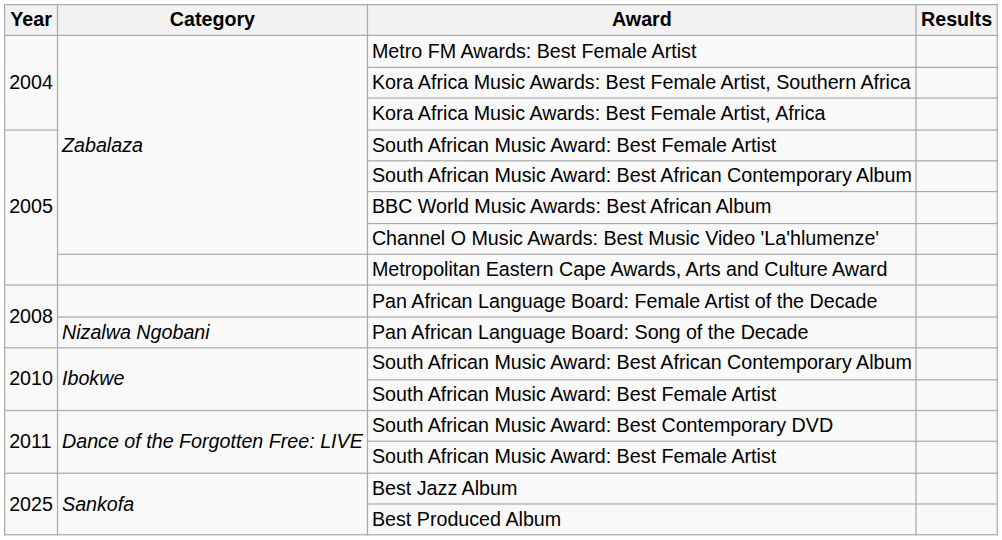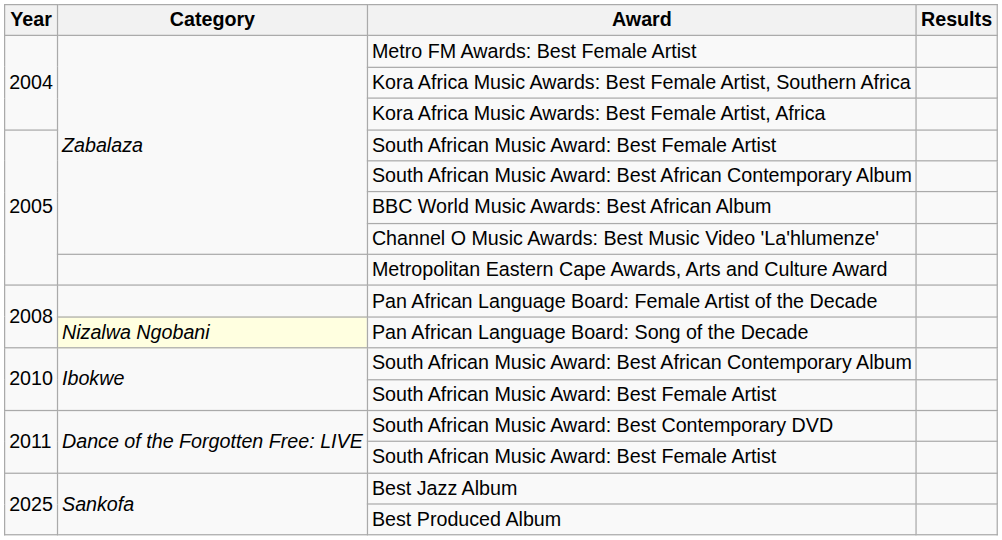 <table class ="wikitable">
 <tr>
 <th>Year</th>
 <th>Category</th>
 <th>Award</th>
 <th>Results</th>
 </tr>
 <tr>
 <td rowspan="3">2004</td>
 <td rowspan="7"><em>Zabalaza</em></td>
 <td>Metro FM Awards: Best Female Artist</td>
 <td></td>
 </tr>
 <tr>
 <td>Kora Africa Music Awards: Best Female Artist, Southern Africa</td>
 <td></td>
 </tr>
 <tr>
 <td>Kora Africa Music Awards: Best Female Artist, Africa</td>
 <td></td>
 </tr>
 <tr>
 <td rowspan="5">2005</td>
 <td>South African Music Award: Best Female Artist</td>
 <td></td>
 </tr>
 <tr>
 <td>South African Music Award: Best African Contemporary Album</td>
 <td></td>
 </tr>
 <tr>
 <td>BBC World Music Awards: Best African Album</td>
 <td></td>
 </tr>
 <tr>
 <td>Channel O Music Awards: Best Music Video 'La'hlumenze'</td>
 <td></td>
 </tr>
 <tr>
 <td></td>
 <td>Metropolitan Eastern Cape Awards, Arts and Culture Award</td>
 <td></td>
 </tr>
 <tr>
 <td rowspan="2">2008</td>
 <td></td>
 <td>Pan African Language Board: Female Artist of the Decade</td>
 <td></td>
 </tr>
 <tr>
-<td><em>Nizalwa Ngobani</em></td>
+<td style="background: lightyellow;"><em>Nizalwa Ngobani</em></td>
 <td>Pan African Language Board: Song of the Decade</td>
 <td></td>
 </tr>
 <tr>
 <td rowspan="2">2010</td>
 <td rowspan="2"><em>Ibokwe</em></td>
 <td>South African Music Award: Best African Contemporary Album</td>
 <td></td>
 </tr>
 <tr>
 <td>South African Music Award: Best Female Artist</td>
 <td></td>
 </tr>
 <tr>
 <td rowspan="2">2011</td>
 <td rowspan="2"><em>Dance of the Forgotten Free: LIVE</em></td>
 <td>South African Music Award: Best Contemporary DVD</td>
 <td></td>
 </tr>
 <tr>
 <td>South African Music Award: Best Female Artist</td>
 <td></td>
 </tr>
 <tr>
 <td rowspan=2>2025</td>
 <td rowspan=2><em>Sankofa</em></td>
 <td>Best Jazz Album</td>
 <td></td>
 </tr>
 <tr>
 <td>Best Produced Album</td>
 <td></td>
 </tr>
 </table>
